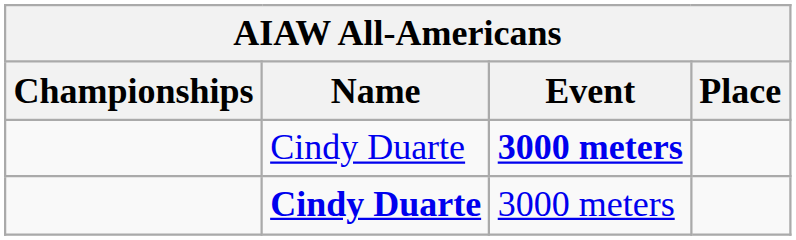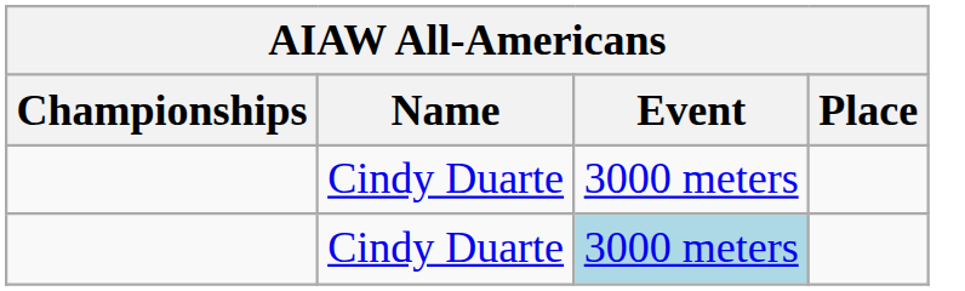 <table class="wikitable sortable">
 <tr>
 <th colspan="5">AIAW All-Americans</th>
 </tr>
 <tr>
 <th scope="col">Championships</th>
 <th scope="col">Name</th>
 <th scope="col">Event</th>
 <th scope="col">Place</th>
 </tr>
 <tr>
 <td></td>
 <td><a href='#'>Cindy Duarte</a></td>
-<td><strong><a href='#'>3000 meters</a></strong></td>
+<td><a href='#'>3000 meters</a></td>
 <td></td>
 </tr>
 <tr>
 <td></td>
-<td><strong><a href='#'>Cindy Duarte</a></strong></td>
-<td><a href='#'>3000 meters</a></td>
+<td><a href='#'>Cindy Duarte</a></td>
+<td style="background: lightblue;"><a href='#'>3000 meters</a></td>
 <td></td>
 </tr>
 </table>
